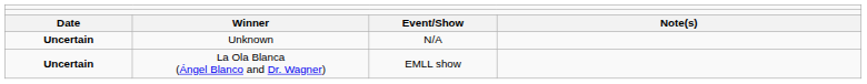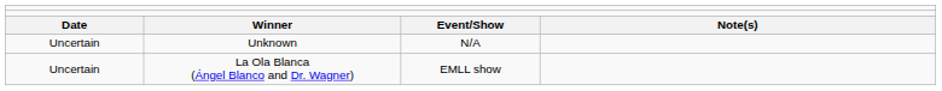 <table class="wikitable" style="text-align:center; width:100%;">
 <tr>
 <td colspan=5></td>
 </tr>
 <tr>
 <td colspan=5><strong></strong></td>
 </tr>
 <tr>
 <th width=14%>Date</th>
 <th width=26%>Winner</th>
 <th width=14%>Event/Show</th>
 <th width=40%>Note(s)</th>
 </tr>
 <tr>
-<td><strong>Uncertain</strong></td>
+<td>Uncertain</td>
 <td>Unknown</td>
 <td>N/A</td>
 <td align=left></td>
 </tr>
 <tr>
-<td><strong>Uncertain</strong></td>
+<td>Uncertain</td>
 <td>La Ola Blanca<br>(<a href='#'>Ángel Blanco</a> and <a href='#'>Dr. Wagner</a>)</td>
 <td>EMLL show</td>
 <td align=left></td>
 </tr>
 </table>
